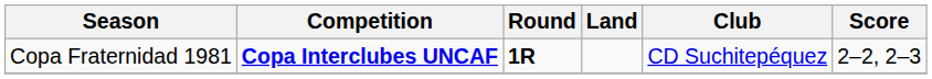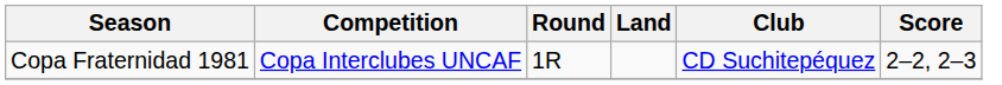 <table class="wikitable">
 <tr>
 <th>Season</th>
 <th>Competition</th>
 <th>Round</th>
 <th>Land</th>
 <th>Club</th>
 <th>Score</th>
 </tr>
 <tr>
 <td>Copa Fraternidad 1981</td>
-<td><strong><a href='#'>Copa Interclubes UNCAF</a></strong></td>
-<td><strong>1R</strong></td>
+<td><a href='#'>Copa Interclubes UNCAF</a></td>
+<td>1R</td>
 <td></td>
 <td><a href='#'>CD Suchitepéquez</a></td>
 <td>2–2, 2–3</td>
 </tr>
 <tr>
 </tr>
 </table>
